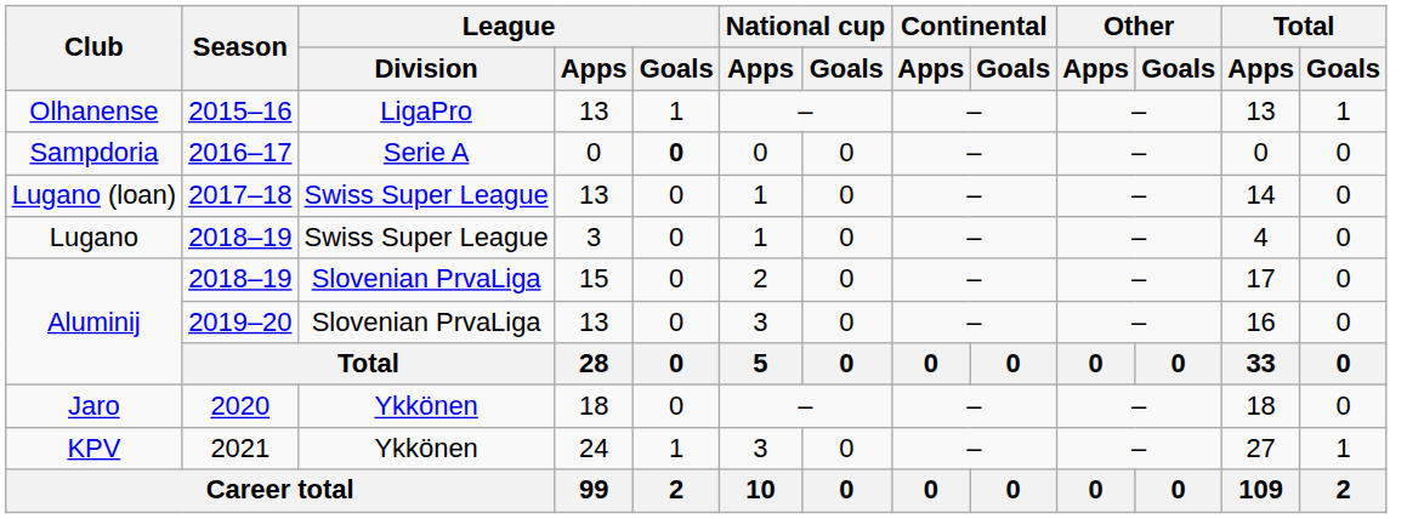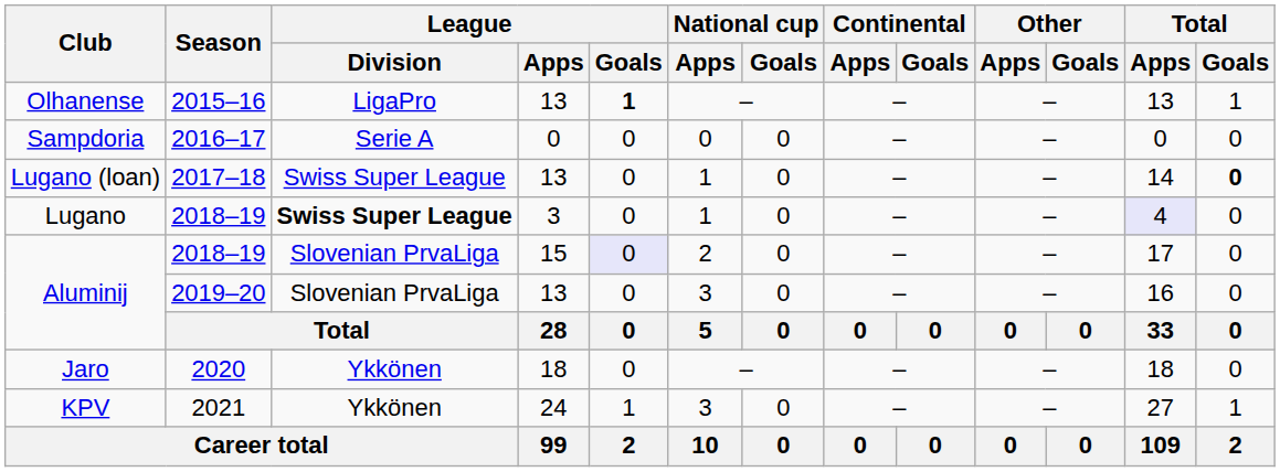 <table class="wikitable" style="text-align:center">
 <tr>
 <th rowspan="2">Club</th>
 <th rowspan="2">Season</th>
 <th colspan="3">League</th>
 <th colspan="2">National cup</th>
 <th colspan="2">Continental</th>
 <th colspan="2">Other</th>
 <th colspan="2">Total</th>
 </tr>
 <tr>
 <th>Division</th>
 <th>Apps</th>
 <th>Goals</th>
 <th>Apps</th>
 <th>Goals</th>
 <th>Apps</th>
 <th>Goals</th>
 <th>Apps</th>
 <th>Goals</th>
 <th>Apps</th>
 <th>Goals</th>
 </tr>
 <tr>
 <td rowspan="1"><a href='#'>Olhanense</a></td>
 <td><a href='#'>2015–16</a></td>
 <td><a href='#'>LigaPro</a></td>
 <td>13</td>
-<td>1</td>
+<td><strong>1</strong></td>
 <td colspan=2>–</td>
 <td colspan=2>–</td>
 <td colspan=2>–</td>
 <td>13</td>
 <td>1</td>
 </tr>
 <tr>
 <td><a href='#'>Sampdoria</a></td>
 <td><a href='#'>2016–17</a></td>
 <td><a href='#'>Serie A</a></td>
 <td>0</td>
-<td><strong>0</strong></td>
+<td>0</td>
 <td>0</td>
 <td>0</td>
 <td colspan=2>–</td>
 <td colspan=2>–</td>
 <td>0</td>
 <td>0</td>
 </tr>
 <tr>
 <td><a href='#'>Lugano</a> (loan)</td>
 <td><a href='#'>2017–18</a></td>
 <td><a href='#'>Swiss Super League</a></td>
 <td>13</td>
 <td>0</td>
 <td>1</td>
 <td>0</td>
 <td colspan=2>–</td>
 <td colspan=2>–</td>
 <td>14</td>
-<td>0</td>
+<td><strong>0</strong></td>
 </tr>
 <tr>
 <td>Lugano</td>
 <td><a href='#'>2018–19</a></td>
-<td>Swiss Super League</td>
+<td><strong>Swiss Super League</strong></td>
 <td>3</td>
 <td>0</td>
 <td>1</td>
 <td>0</td>
 <td colspan=2>–</td>
 <td colspan=2>–</td>
-<td>4</td>
+<td style="background: lavender;">4</td>
 <td>0</td>
 </tr>
 <tr>
 <td rowspan=3><a href='#'>Aluminij</a></td>
 <td><a href='#'>2018–19</a></td>
 <td><a href='#'>Slovenian PrvaLiga</a></td>
 <td>15</td>
-<td>0</td>
+<td style="background: lavender;">0</td>
 <td>2</td>
 <td>0</td>
 <td colspan=2>–</td>
 <td colspan=2>–</td>
 <td>17</td>
 <td>0</td>
 </tr>
 <tr>
 <td><a href='#'>2019–20</a></td>
 <td>Slovenian PrvaLiga</td>
 <td>13</td>
 <td>0</td>
 <td>3</td>
 <td>0</td>
 <td colspan=2>–</td>
 <td colspan=2>–</td>
 <td>16</td>
 <td>0</td>
 </tr>
 <tr>
 <th colspan="2">Total</th>
 <th>28</th>
 <th>0</th>
 <th>5</th>
 <th>0</th>
 <th>0</th>
 <th>0</th>
 <th>0</th>
 <th>0</th>
 <th>33</th>
 <th>0</th>
 </tr>
 <tr>
 <td><a href='#'>Jaro</a></td>
 <td><a href='#'>2020</a></td>
 <td><a href='#'>Ykkönen</a></td>
 <td>18</td>
 <td>0</td>
 <td colspan=2>–</td>
 <td colspan=2>–</td>
 <td colspan=2>–</td>
 <td>18</td>
 <td>0</td>
 </tr>
 <tr>
 <td><a href='#'>KPV</a></td>
 <td>2021</td>
 <td>Ykkönen</td>
 <td>24</td>
 <td>1</td>
 <td>3</td>
 <td>0</td>
 <td colspan=2>–</td>
 <td colspan=2>–</td>
 <td>27</td>
 <td>1</td>
 </tr>
 <tr>
 <th colspan="3">Career total</th>
 <th>99</th>
 <th>2</th>
 <th>10</th>
 <th>0</th>
 <th>0</th>
 <th>0</th>
 <th>0</th>
 <th>0</th>
 <th>109</th>
 <th>2</th>
 </tr>
 </table>
